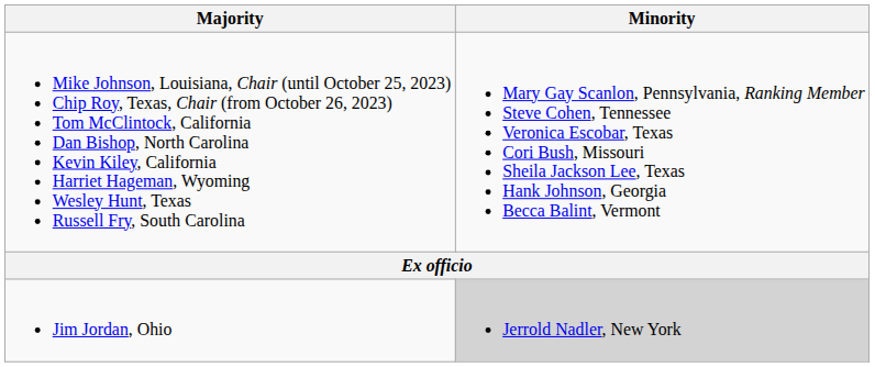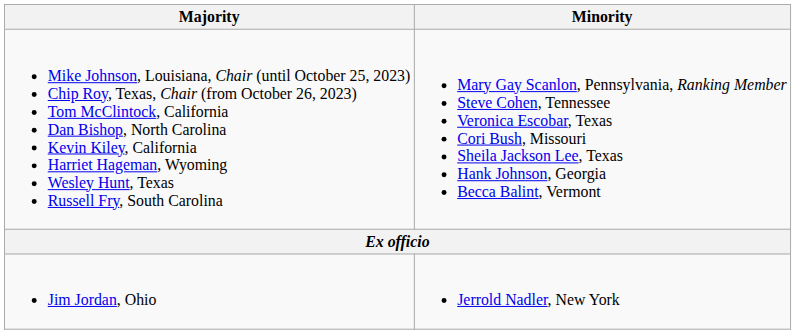 <table class=wikitable>
 <tr>
 <th>Majority</th>
 <th>Minority</th>
 </tr>
 <tr>
 <td><br><ul><li><a href='#'>Mike Johnson</a>, Louisiana, <em>Chair</em> (until October 25, 2023)</li><li><a href='#'>Chip Roy</a>, Texas, <em>Chair</em> (from October 26, 2023)</li><li><a href='#'>Tom McClintock</a>, California</li><li><a href='#'>Dan Bishop</a>, North Carolina</li><li><a href='#'>Kevin Kiley</a>, California</li><li><a href='#'>Harriet Hageman</a>, Wyoming</li><li><a href='#'>Wesley Hunt</a>, Texas</li><li><a href='#'>Russell Fry</a>, South Carolina</li></ul></td>
 <td><br><ul><li><a href='#'>Mary Gay Scanlon</a>, Pennsylvania, <em>Ranking Member</em></li><li><a href='#'>Steve Cohen</a>, Tennessee</li><li><a href='#'>Veronica Escobar</a>, Texas</li><li><a href='#'>Cori Bush</a>, Missouri</li><li><a href='#'>Sheila Jackson Lee</a>, Texas</li><li><a href='#'>Hank Johnson</a>, Georgia</li><li><a href='#'>Becca Balint</a>, Vermont</li></ul></td>
 </tr>
 <tr>
 <th colspan=2><em>Ex officio</em></th>
 </tr>
 <tr>
 <td><br><ul><li><a href='#'>Jim Jordan</a>, Ohio</li></ul></td>
-<td style="background: lightgrey;"><br><ul><li><a href='#'>Jerrold Nadler</a>, New York</li></ul></td>
+<td><br><ul><li><a href='#'>Jerrold Nadler</a>, New York</li></ul></td>
 </tr>
 </table>
